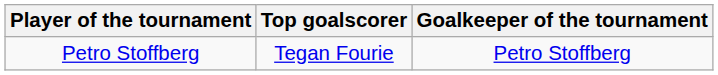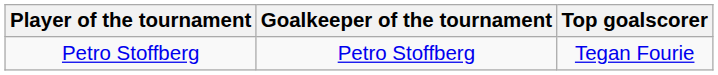 <table class=wikitable style="text-align:center; margin:auto">
 <tr>
 <th>Player of the tournament</th>
+<th>Goalkeeper of the tournament</th>
 <th>Top goalscorer</th>
-<th>Goalkeeper of the tournament</th>
 </tr>
 <tr>
 <td> <a href='#'>Petro Stoffberg</a></td>
+<td> <a href='#'>Petro Stoffberg</a></td>
 <td> <a href='#'>Tegan Fourie</a></td>
-<td> <a href='#'>Petro Stoffberg</a></td>
 </tr>
 </table>
